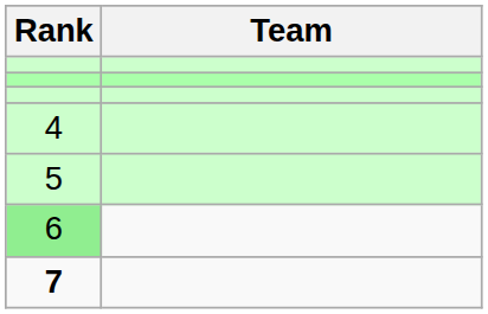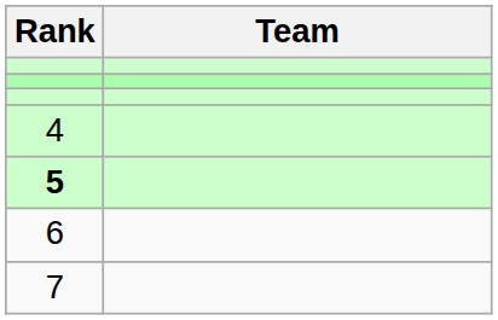 <table class="wikitable" style="text-align: center;">
 <tr>
 <th width=40>Rank</th>
 <th width=180>Team</th>
 </tr>
 <tr bgcolor="#ccffcc">
 <td></td>
 <td align="left"></td>
 </tr>
 <tr bgcolor="#aaffaa">
 <td></td>
 <td align="left"></td>
 </tr>
 <tr bgcolor="#ccffcc">
 <td></td>
 <td align="left"></td>
 </tr>
 <tr bgcolor="#ccffcc">
 <td>4</td>
 <td align="left"></td>
 </tr>
 <tr bgcolor="#ccffcc">
-<td>5</td>
+<td><strong>5</strong></td>
 <td align="left"></td>
 </tr>
 <tr>
-<td style="background: lightgreen;">6</td>
+<td>6</td>
 <td align="left"></td>
 </tr>
 <tr>
-<td><strong>7</strong></td>
+<td>7</td>
 <td align="left"><br></td>
 </tr>
 </table>
